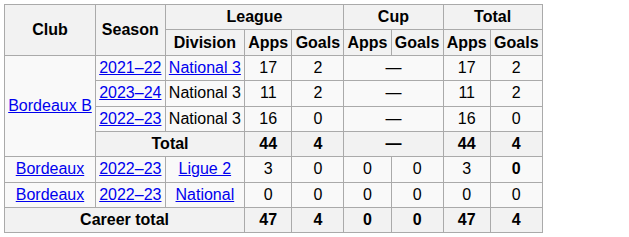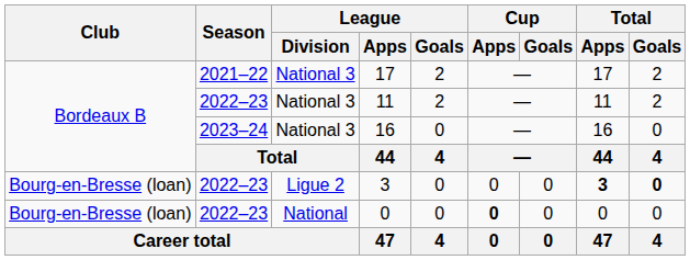 <table class="wikitable" style="text-align:center">
 <tr>
 <th rowspan="2">Club</th>
 <th rowspan="2">Season</th>
 <th colspan="3">League</th>
 <th colspan="2">Cup</th>
 <th colspan="2">Total</th>
 </tr>
 <tr>
 <th>Division</th>
 <th>Apps</th>
 <th>Goals</th>
 <th>Apps</th>
 <th>Goals</th>
 <th>Apps</th>
 <th>Goals</th>
 </tr>
 <tr>
 <td rowspan="4"><a href='#'>Bordeaux B</a></td>
 <td><a href='#'>2021–22</a></td>
 <td><a href='#'>National 3</a></td>
 <td>17</td>
 <td>2</td>
 <td colspan="2">—</td>
 <td>17</td>
 <td>2</td>
 </tr>
 <tr>
-<td><a href='#'>2023–24</a></td>
+<td><a href='#'>2022–23</a></td>
 <td>National 3</td>
 <td>11</td>
 <td>2</td>
 <td colspan="2">—</td>
 <td>11</td>
 <td>2</td>
 </tr>
 <tr>
-<td><a href='#'>2022–23</a></td>
+<td><a href='#'>2023–24</a></td>
 <td>National 3</td>
 <td>16</td>
 <td>0</td>
 <td colspan="2">—</td>
 <td>16</td>
 <td>0</td>
 </tr>
 <tr>
 <th colspan="2">Total</th>
 <th>44</th>
 <th>4</th>
 <th colspan="2">—</th>
 <th>44</th>
 <th>4</th>
 </tr>
 <tr>
-<td><a href='#'>Bordeaux</a></td>
+<td><a href='#'>Bourg-en-Bresse</a> (loan)</td>
 <td><a href='#'>2022–23</a></td>
 <td><a href='#'>Ligue 2</a></td>
 <td>3</td>
 <td>0</td>
 <td>0</td>
 <td>0</td>
-<td>3</td>
+<td><strong>3</strong></td>
 <td><strong>0</strong></td>
 </tr>
 <tr>
-<td><a href='#'>Bordeaux</a></td>
+<td><a href='#'>Bourg-en-Bresse</a> (loan)</td>
 <td><a href='#'>2022–23</a></td>
 <td><a href='#'>National</a></td>
 <td>0</td>
 <td>0</td>
-<td>0</td>
+<td><strong>0</strong></td>
 <td>0</td>
 <td>0</td>
 <td>0</td>
 </tr>
 <tr>
 <th colspan="3">Career total</th>
 <th>47</th>
 <th>4</th>
 <th>0</th>
 <th>0</th>
 <th>47</th>
 <th>4</th>
 </tr>
 </table>
